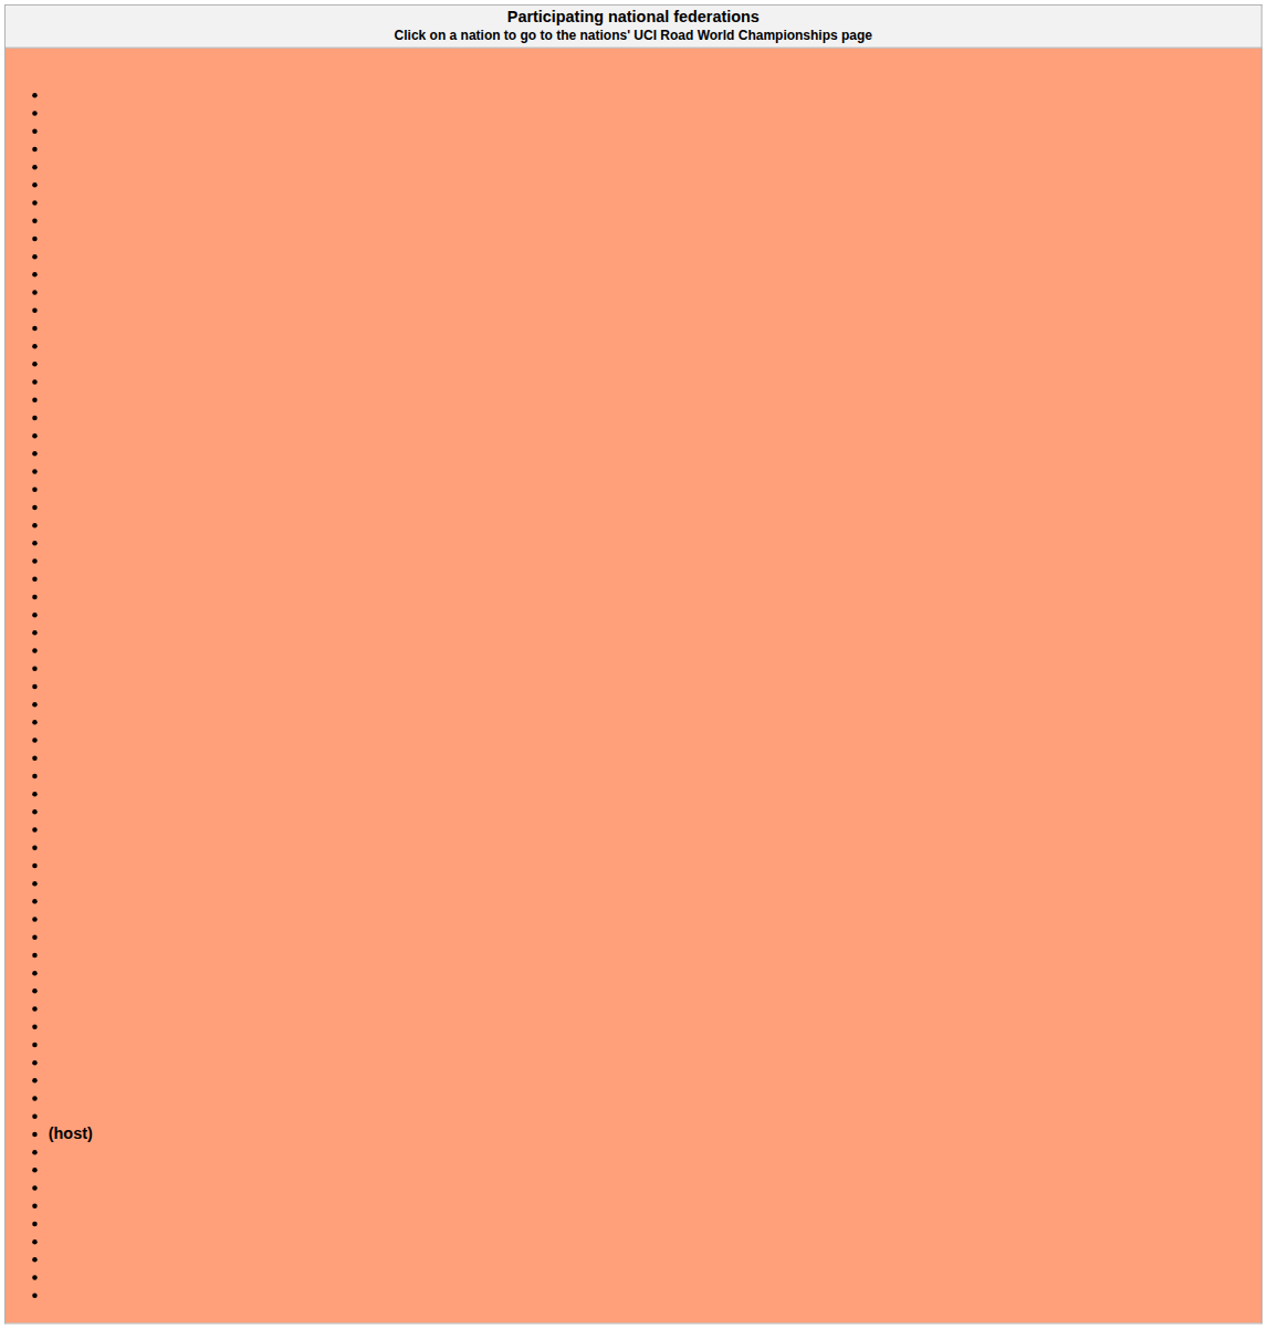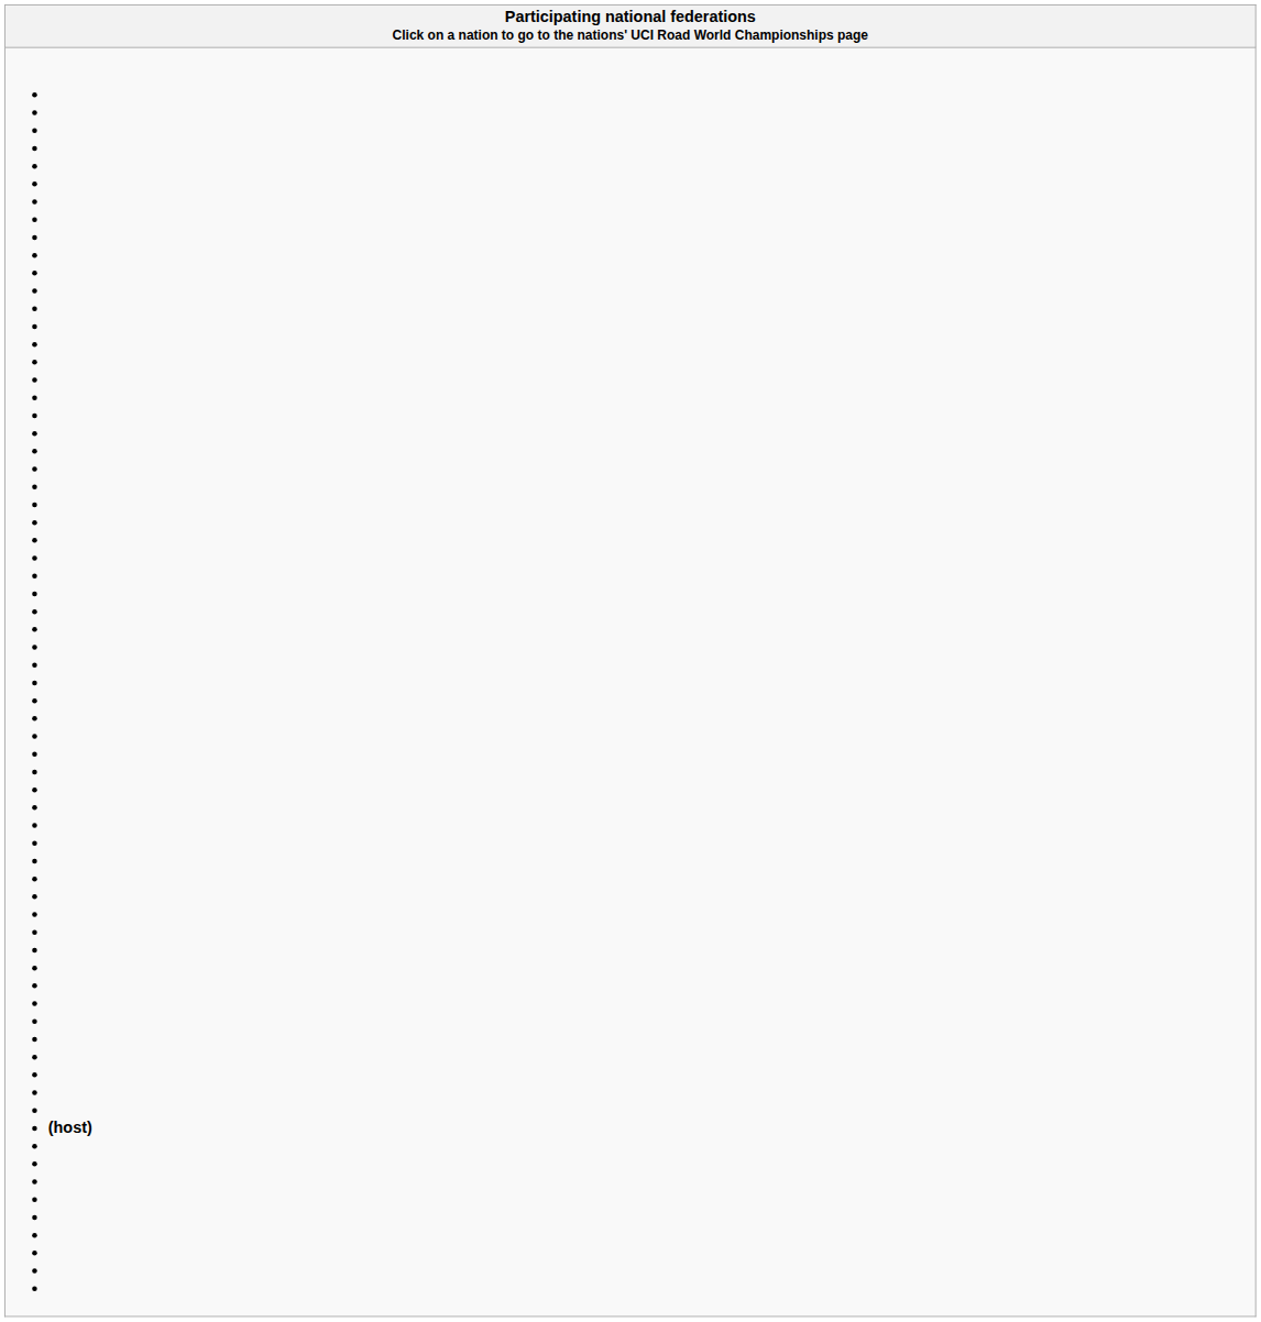 <table class="wikitable collapsible" style="width:100%;">
 <tr>
 <th>Participating national federations<br><small>Click on a nation to go to the nations' UCI Road World Championships page</small></th>
 </tr>
 <tr>
-<td style="background: lightsalmon;"><br><ul><li></li><li></li><li></li><li></li><li></li><li></li><li></li><li></li><li></li><li></li><li></li><li></li><li></li><li></li><li></li><li></li><li></li><li></li><li></li><li></li><li></li><li></li><li></li><li></li><li></li><li></li><li></li><li></li><li></li><li></li><li></li><li></li><li></li><li></li><li></li><li></li><li></li><li></li><li></li><li></li><li></li><li></li><li></li><li></li><li></li><li></li><li></li><li></li><li></li><li></li><li></li><li></li><li></li><li></li><li></li><li></li><li></li><li></li><li>  <strong>(host)</strong></li><li></li><li></li><li></li><li></li><li></li><li></li><li></li><li></li><li></li></ul></td>
+<td><br><ul><li></li><li></li><li></li><li></li><li></li><li></li><li></li><li></li><li></li><li></li><li></li><li></li><li></li><li></li><li></li><li></li><li></li><li></li><li></li><li></li><li></li><li></li><li></li><li></li><li></li><li></li><li></li><li></li><li></li><li></li><li></li><li></li><li></li><li></li><li></li><li></li><li></li><li></li><li></li><li></li><li></li><li></li><li></li><li></li><li></li><li></li><li></li><li></li><li></li><li></li><li></li><li></li><li></li><li></li><li></li><li></li><li></li><li></li><li>  <strong>(host)</strong></li><li></li><li></li><li></li><li></li><li></li><li></li><li></li><li></li><li></li></ul></td>
 </tr>
 </table>
